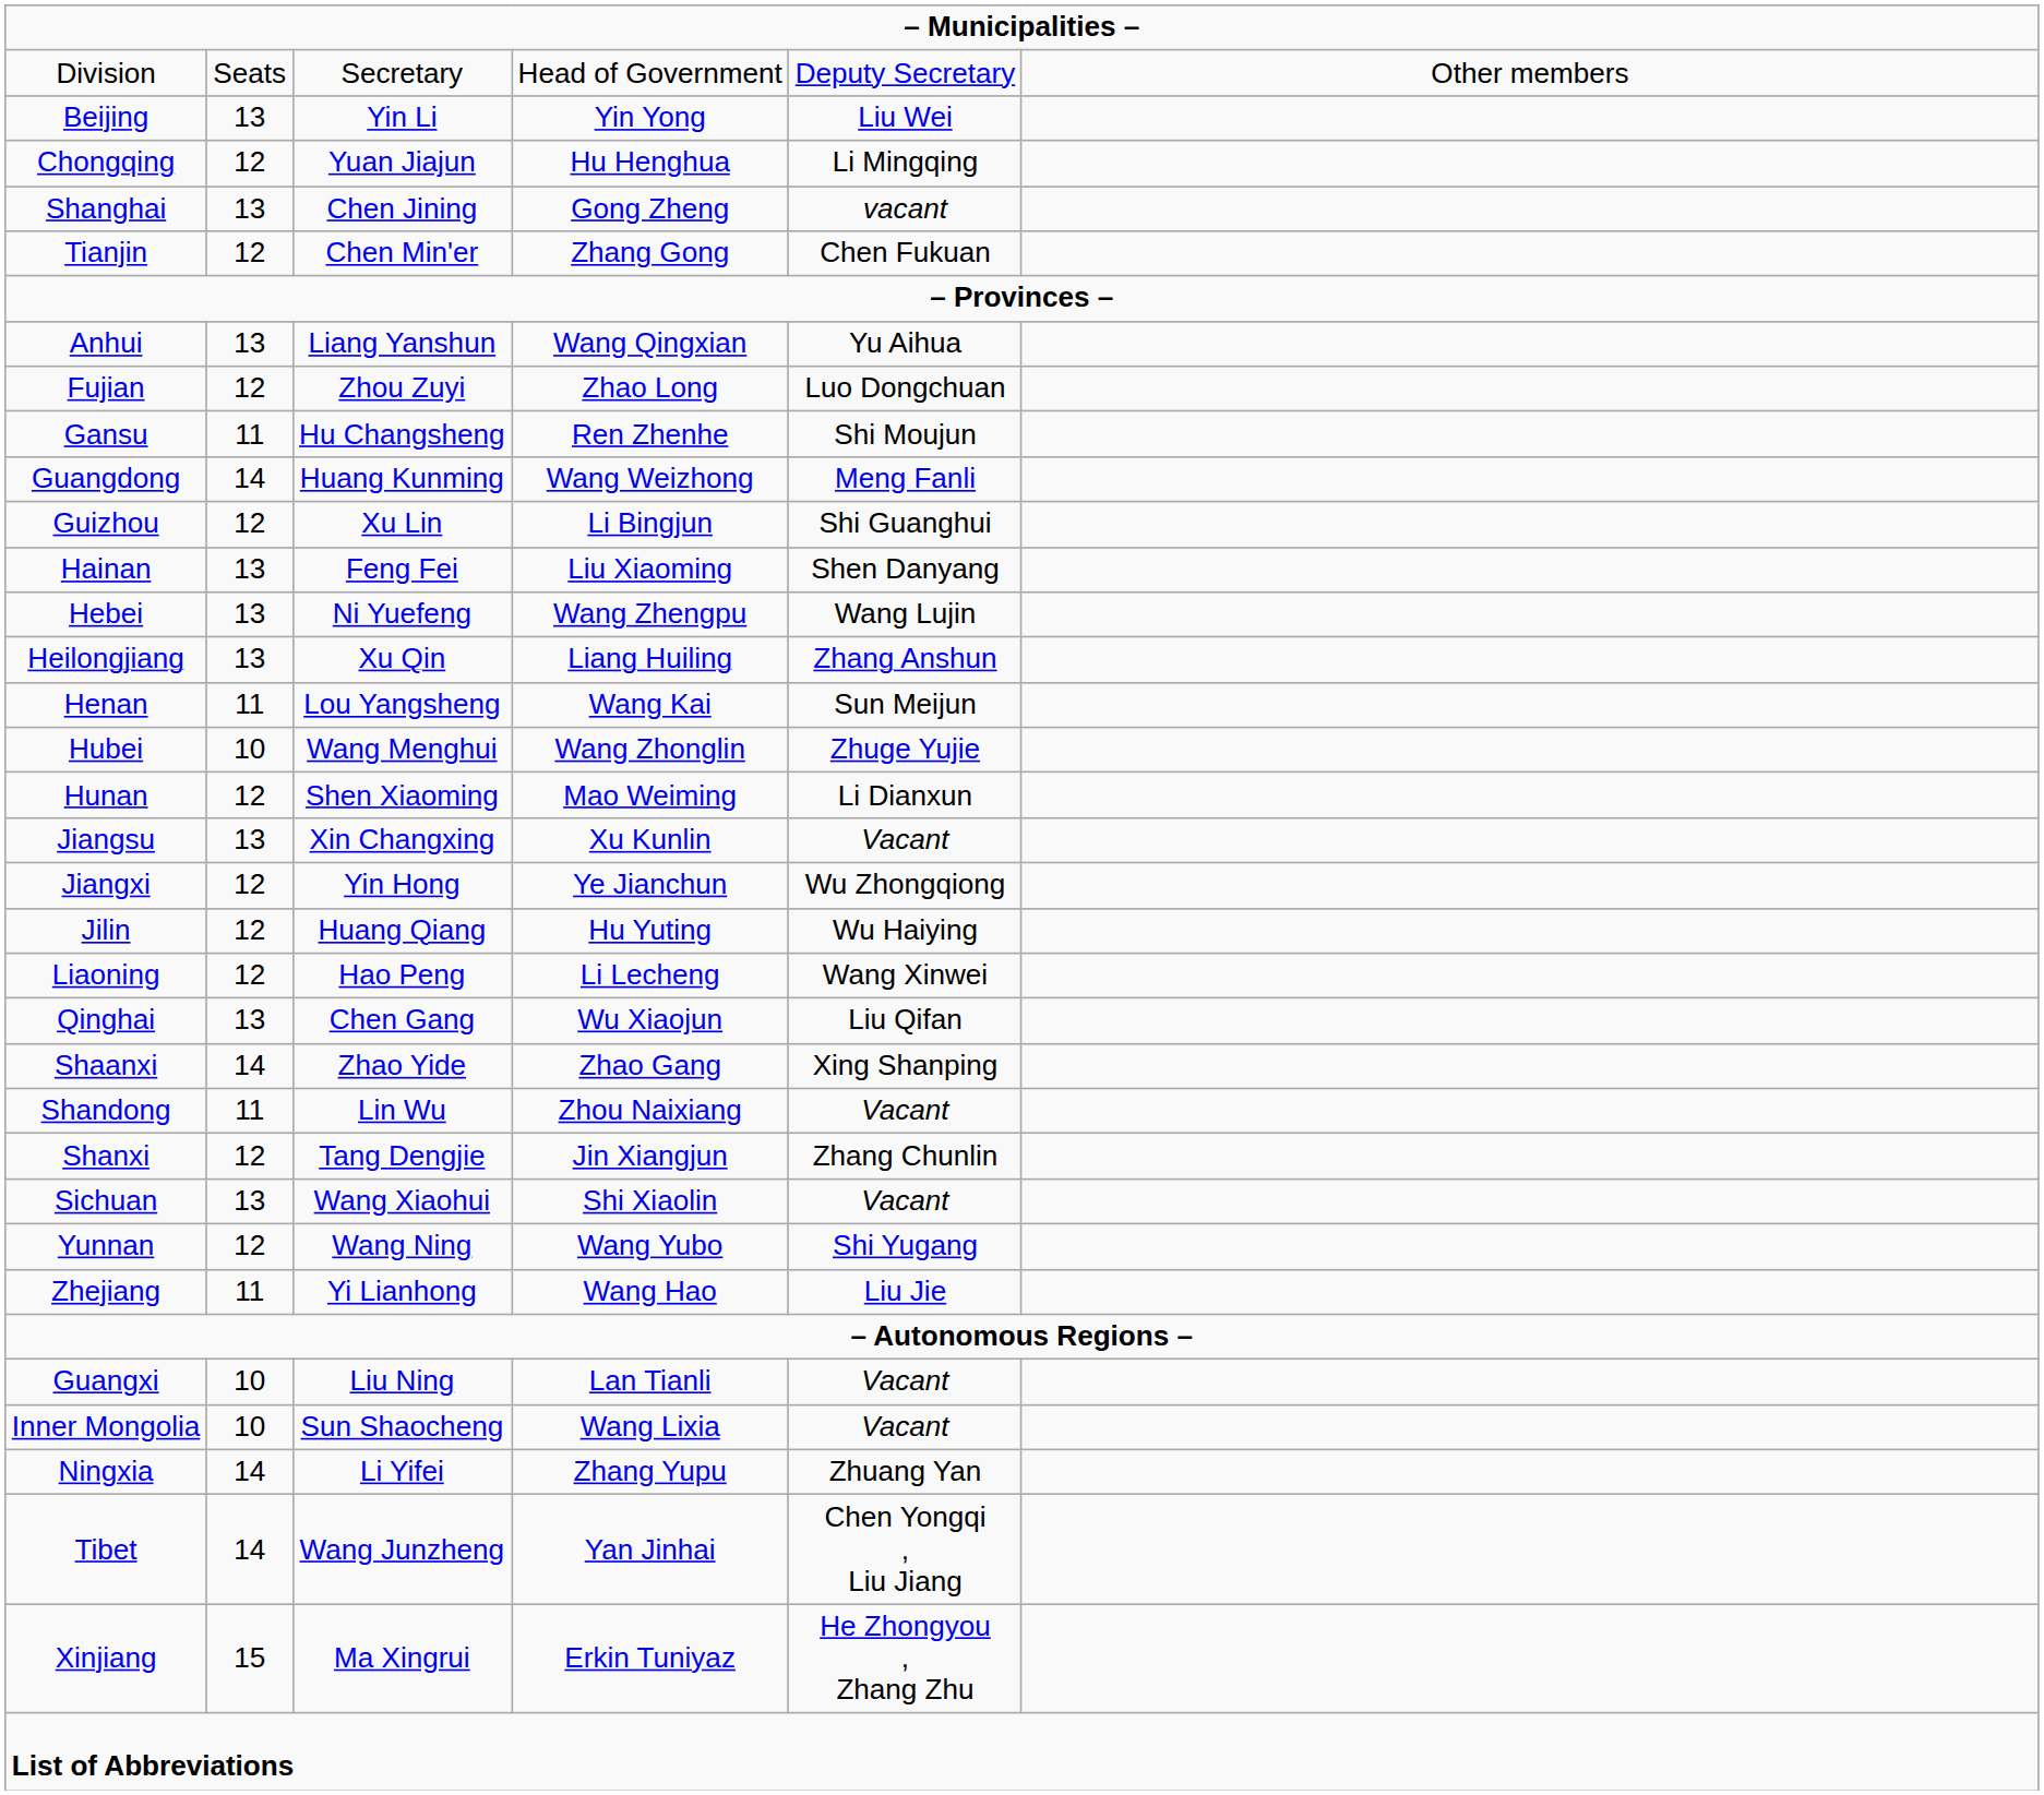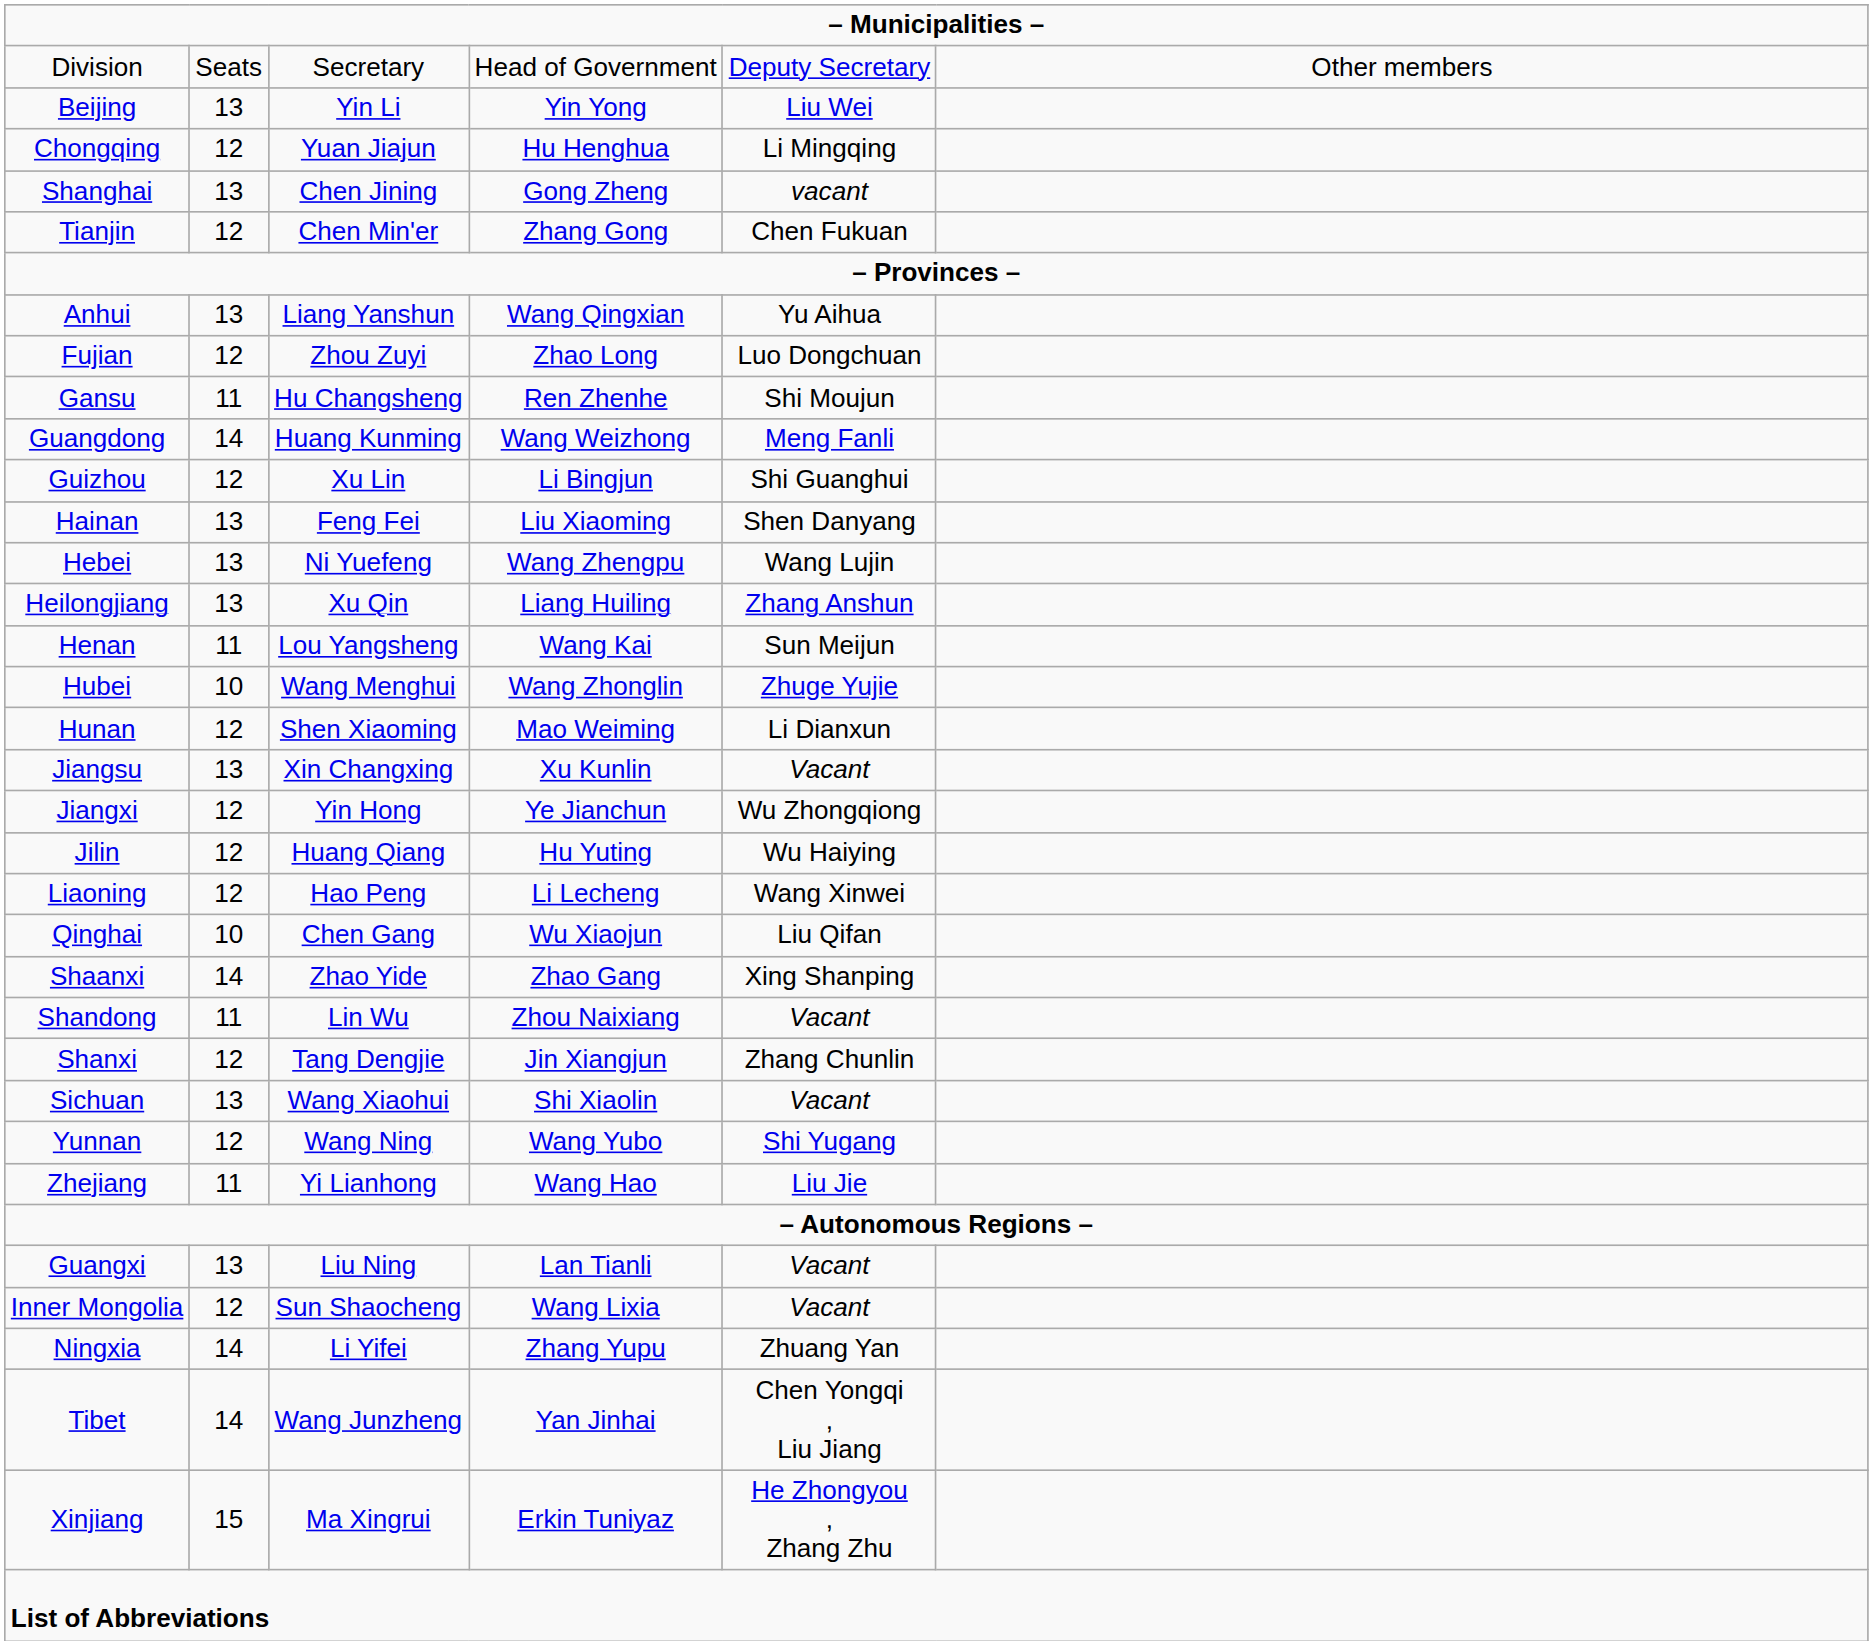 <table class="wikitable">
 <tr>
 <td colspan=6 align=center><strong>– Municipalities –</strong></td>
 </tr>
 <tr align=center>
 <td>Division</td>
 <td>Seats</td>
 <td>Secretary</td>
 <td>Head of Government<br></td>
 <td><a href='#'>Deputy Secretary</a><br></td>
 <td width=50%>Other members</td>
 </tr>
 <tr align=center>
 <td><a href='#'>Beijing</a></td>
 <td>13</td>
 <td><a href='#'>Yin Li</a><br></td>
 <td><a href='#'>Yin Yong</a></td>
 <td><a href='#'>Liu Wei</a></td>
 <td align=left></td>
 </tr>
 <tr align=center>
 <td><a href='#'>Chongqing</a></td>
 <td>12</td>
 <td><a href='#'>Yuan Jiajun</a><br></td>
 <td><a href='#'>Hu Henghua</a></td>
 <td>Li Mingqing</td>
 <td align=left></td>
 </tr>
 <tr align=center>
 <td><a href='#'>Shanghai</a></td>
 <td>13</td>
 <td><a href='#'>Chen Jining</a><br></td>
 <td><a href='#'>Gong Zheng</a></td>
 <td><em>vacant</em></td>
 <td align=left></td>
 </tr>
 <tr align=center>
 <td><a href='#'>Tianjin</a></td>
 <td>12</td>
 <td><a href='#'>Chen Min'er</a><br></td>
 <td><a href='#'>Zhang Gong</a></td>
 <td>Chen Fukuan</td>
 <td align=left></td>
 </tr>
 <tr>
 <td colspan=6 align=center><strong>– Provinces –</strong></td>
 </tr>
 <tr align=center>
 <td><a href='#'>Anhui</a></td>
 <td>13</td>
 <td><a href='#'>Liang Yanshun</a></td>
 <td><a href='#'>Wang Qingxian</a></td>
 <td>Yu Aihua<br></td>
 <td align=left></td>
 </tr>
 <tr align=center>
 <td><a href='#'>Fujian</a></td>
 <td>12</td>
 <td><a href='#'>Zhou Zuyi</a></td>
 <td><a href='#'>Zhao Long</a></td>
 <td>Luo Dongchuan</td>
 <td align=left></td>
 </tr>
 <tr align=center>
 <td><a href='#'>Gansu</a></td>
 <td>11</td>
 <td><a href='#'>Hu Changsheng</a></td>
 <td><a href='#'>Ren Zhenhe</a></td>
 <td>Shi Moujun</td>
 <td align=left></td>
 </tr>
 <tr align=center>
 <td><a href='#'>Guangdong</a></td>
 <td>14</td>
 <td><a href='#'>Huang Kunming</a><br></td>
 <td><a href='#'>Wang Weizhong</a></td>
 <td><a href='#'>Meng Fanli</a><br></td>
 <td align=left></td>
 </tr>
 <tr align=center>
 <td><a href='#'>Guizhou</a></td>
 <td>12</td>
 <td><a href='#'>Xu Lin</a></td>
 <td><a href='#'>Li Bingjun</a></td>
 <td>Shi Guanghui<br></td>
 <td align=left></td>
 </tr>
 <tr align=center>
 <td><a href='#'>Hainan</a></td>
 <td>13</td>
 <td><a href='#'>Feng Fei</a></td>
 <td><a href='#'>Liu Xiaoming</a></td>
 <td>Shen Danyang<br></td>
 <td align=left></td>
 </tr>
 <tr align=center>
 <td><a href='#'>Hebei</a></td>
 <td>13</td>
 <td><a href='#'>Ni Yuefeng</a></td>
 <td><a href='#'>Wang Zhengpu</a></td>
 <td>Wang Lujin</td>
 <td align=left></td>
 </tr>
 <tr align=center>
 <td><a href='#'>Heilongjiang</a></td>
 <td>13</td>
 <td><a href='#'>Xu Qin</a></td>
 <td><a href='#'>Liang Huiling</a></td>
 <td><a href='#'>Zhang Anshun</a></td>
 <td align=left></td>
 </tr>
 <tr align=center>
 <td><a href='#'>Henan</a></td>
 <td>11</td>
 <td><a href='#'>Lou Yangsheng</a></td>
 <td><a href='#'>Wang Kai</a></td>
 <td>Sun Meijun<br></td>
 <td align=left></td>
 </tr>
 <tr align=center>
 <td><a href='#'>Hubei</a></td>
 <td>10</td>
 <td><a href='#'>Wang Menghui</a></td>
 <td><a href='#'>Wang Zhonglin</a></td>
 <td><a href='#'>Zhuge Yujie</a></td>
 <td align=left></td>
 </tr>
 <tr align=center>
 <td><a href='#'>Hunan</a></td>
 <td>12</td>
 <td><a href='#'>Shen Xiaoming</a></td>
 <td><a href='#'>Mao Weiming</a></td>
 <td>Li Dianxun</td>
 <td align=left></td>
 </tr>
 <tr align=center>
 <td><a href='#'>Jiangsu</a></td>
 <td>13</td>
 <td><a href='#'>Xin Changxing</a></td>
 <td><a href='#'>Xu Kunlin</a></td>
 <td><em>Vacant</em></td>
 <td align=left></td>
 </tr>
 <tr align=center>
 <td><a href='#'>Jiangxi</a></td>
 <td>12</td>
 <td><a href='#'>Yin Hong</a></td>
 <td><a href='#'>Ye Jianchun</a></td>
 <td>Wu Zhongqiong<br></td>
 <td align=left></td>
 </tr>
 <tr align=center>
 <td><a href='#'>Jilin</a></td>
 <td>12</td>
 <td><a href='#'>Huang Qiang</a></td>
 <td><a href='#'>Hu Yuting</a></td>
 <td>Wu Haiying</td>
 <td align=left></td>
 </tr>
 <tr align=center>
 <td><a href='#'>Liaoning</a></td>
 <td>12</td>
 <td><a href='#'>Hao Peng</a></td>
 <td><a href='#'>Li Lecheng</a></td>
 <td>Wang Xinwei<br></td>
 <td align=left></td>
 </tr>
 <tr align=center>
 <td><a href='#'>Qinghai</a></td>
-<td>13</td>
+<td>10</td>
 <td><a href='#'>Chen Gang</a></td>
 <td><a href='#'>Wu Xiaojun</a></td>
 <td>Liu Qifan</td>
 <td align=left></td>
 </tr>
 <tr align=center>
 <td><a href='#'>Shaanxi</a></td>
 <td>14</td>
 <td><a href='#'>Zhao Yide</a></td>
 <td><a href='#'>Zhao Gang</a></td>
 <td>Xing Shanping</td>
 <td align=left></td>
 </tr>
 <tr align=center>
 <td><a href='#'>Shandong</a></td>
 <td>11</td>
 <td><a href='#'>Lin Wu</a></td>
 <td><a href='#'>Zhou Naixiang</a></td>
 <td><em>Vacant</em></td>
 <td align=left></td>
 </tr>
 <tr align=center>
 <td><a href='#'>Shanxi</a></td>
 <td>12</td>
 <td><a href='#'>Tang Dengjie</a></td>
 <td><a href='#'>Jin Xiangjun</a></td>
 <td>Zhang Chunlin</td>
 <td align=left></td>
 </tr>
 <tr align=center>
 <td><a href='#'>Sichuan</a></td>
 <td>13</td>
 <td><a href='#'>Wang Xiaohui</a></td>
 <td><a href='#'>Shi Xiaolin</a></td>
 <td><em>Vacant</em></td>
 <td align=left></td>
 </tr>
 <tr align=center>
 <td><a href='#'>Yunnan</a></td>
 <td>12</td>
 <td><a href='#'>Wang Ning</a></td>
 <td><a href='#'>Wang Yubo</a></td>
 <td><a href='#'>Shi Yugang</a></td>
 <td align=left></td>
 </tr>
 <tr align=center>
 <td><a href='#'>Zhejiang</a></td>
 <td>11</td>
 <td><a href='#'>Yi Lianhong</a></td>
 <td><a href='#'>Wang Hao</a></td>
 <td><a href='#'>Liu Jie</a><br></td>
 <td align=left></td>
 </tr>
 <tr>
 <td colspan=6 align=center><strong>– Autonomous Regions –</strong></td>
 </tr>
 <tr align=center>
 <td><a href='#'>Guangxi</a></td>
-<td>10</td>
+<td>13</td>
 <td><a href='#'>Liu Ning</a></td>
 <td><a href='#'>Lan Tianli</a></td>
 <td><em>Vacant</em></td>
 <td align=left></td>
 </tr>
 <tr align=center>
 <td><a href='#'>Inner Mongolia</a></td>
-<td>10</td>
+<td>12</td>
 <td><a href='#'>Sun Shaocheng</a></td>
 <td><a href='#'>Wang Lixia</a></td>
 <td><em>Vacant</em></td>
 <td align=left></td>
 </tr>
 <tr align=center>
 <td><a href='#'>Ningxia</a></td>
 <td>14</td>
 <td><a href='#'>Li Yifei</a></td>
 <td><a href='#'>Zhang Yupu</a></td>
 <td>Zhuang Yan</td>
 <td align=left></td>
 </tr>
 <tr align=center>
 <td><a href='#'>Tibet</a></td>
 <td>14</td>
 <td><a href='#'>Wang Junzheng</a></td>
 <td><a href='#'>Yan Jinhai</a></td>
 <td>Chen Yongqi<br>,<br>Liu Jiang<br></td>
 <td align=left></td>
 </tr>
 <tr align=center>
 <td><a href='#'>Xinjiang</a></td>
 <td>15</td>
 <td><a href='#'>Ma Xingrui</a><br></td>
 <td><a href='#'>Erkin Tuniyaz</a></td>
 <td><a href='#'>He Zhongyou</a><br>,<br>Zhang Zhu<br></td>
 <td align=left></td>
 </tr>
 <tr>
 <td colspan=6 align=left><br><strong>List of Abbreviations</strong> </td>
 </tr>
 </table>
